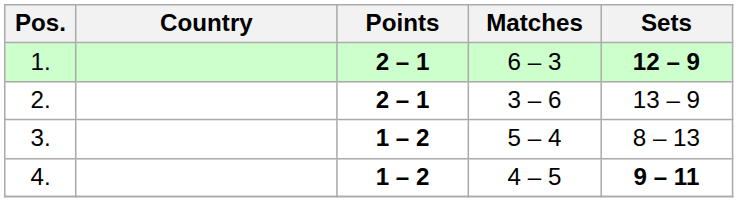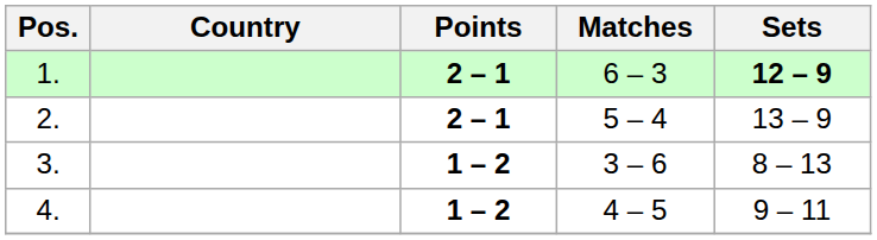 <table class="wikitable" style="text-align:center;">
 <tr>
 <th width=40>Pos.</th>
 <th width=165>Country</th>
 <th width=80>Points</th>
 <th width=80>Matches</th>
 <th width=80>Sets</th>
 </tr>
 <tr style="background:#ccffcc;">
 <td>1.</td>
 <td style="text-align:left;"></td>
 <td><strong>2 – 1</strong></td>
 <td>6 – 3</td>
 <td><strong>12 – 9</strong></td>
 </tr>
 <tr style="background:#ffffff;">
 <td>2.</td>
 <td style="text-align:left;"></td>
 <td><strong>2 – 1</strong></td>
-<td>3 – 6</td>
+<td>5 – 4</td>
 <td>13 – 9</td>
 </tr>
 <tr style="background:#ffffff;">
 <td>3.</td>
 <td style="text-align:left;"></td>
 <td><strong>1 – 2</strong></td>
-<td>5 – 4</td>
+<td>3 – 6</td>
 <td>8 – 13</td>
 </tr>
 <tr style="background:#ffffff;">
 <td>4.</td>
 <td style="text-align:left;"></td>
 <td><strong>1 – 2</strong></td>
 <td>4 – 5</td>
-<td><strong>9 – 11</strong></td>
+<td>9 – 11</td>
 </tr>
 <tr style="background:#ffffff;">
 </tr>
 </table>
